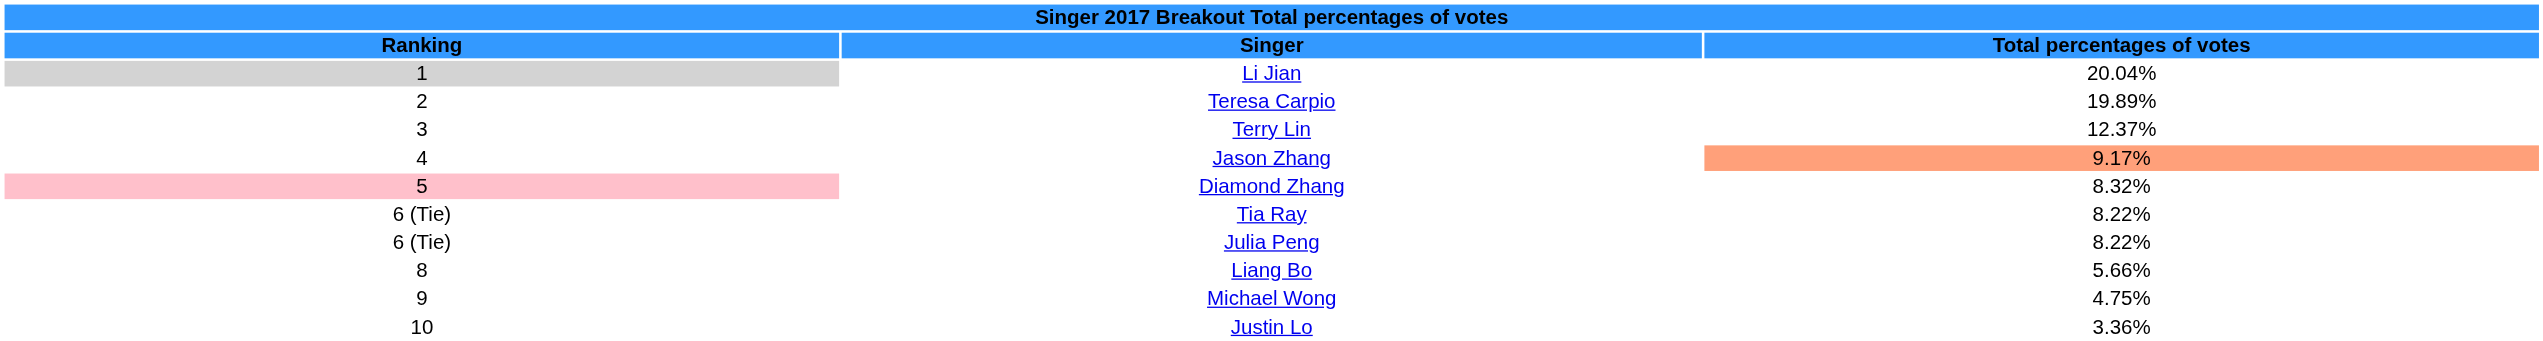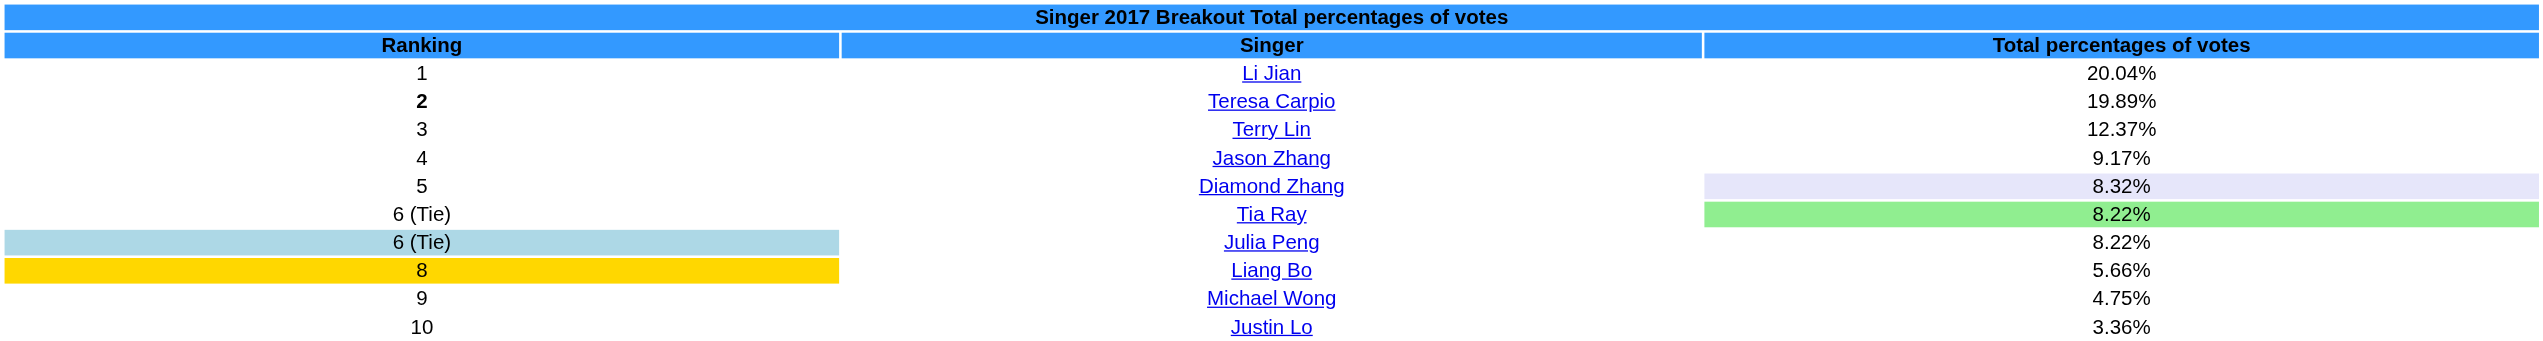 <table class="wikitalble" width="100%" style="text-align:center">
 <tr align=center style="background:#3399FF">
 <td colspan="5"><div><strong>Singer 2017 Breakout Total percentages of votes</strong></div></td>
 </tr>
 <tr align=center style="background:#3399FF">
 <td style="width:33%"><strong>Ranking</strong></td>
 <td style="width:34%"><strong>Singer</strong></td>
 <td style="width:33%"><strong>Total percentages of votes</strong></td>
 </tr>
 <tr>
-<td style="background: lightgrey;">1</td>
+<td>1</td>
 <td><a href='#'>Li Jian</a></td>
 <td>20.04%</td>
 </tr>
 <tr>
-<td>2</td>
+<td><strong>2</strong></td>
 <td><a href='#'>Teresa Carpio</a></td>
 <td>19.89%</td>
 </tr>
 <tr>
 <td>3</td>
 <td><a href='#'>Terry Lin</a></td>
 <td>12.37%</td>
 </tr>
 <tr>
 <td>4</td>
 <td><a href='#'>Jason Zhang</a></td>
-<td style="background: lightsalmon;">9.17%</td>
+<td>9.17%</td>
 </tr>
 <tr>
-<td style="background: pink;">5</td>
+<td>5</td>
 <td><a href='#'>Diamond Zhang</a></td>
-<td>8.32%</td>
+<td style="background: lavender;">8.32%</td>
 </tr>
 <tr>
 <td>6 (Tie)</td>
 <td><a href='#'>Tia Ray</a></td>
-<td>8.22%</td>
+<td style="background: lightgreen;">8.22%</td>
 </tr>
 <tr>
-<td>6 (Tie)</td>
+<td style="background: lightblue;">6 (Tie)</td>
 <td><a href='#'>Julia Peng</a></td>
 <td>8.22%</td>
 </tr>
 <tr>
-<td>8</td>
+<td style="background: gold;">8</td>
 <td><a href='#'>Liang Bo</a></td>
 <td>5.66%</td>
 </tr>
 <tr>
 <td>9</td>
 <td><a href='#'>Michael Wong</a></td>
 <td>4.75%</td>
 </tr>
 <tr>
 <td>10</td>
 <td><a href='#'>Justin Lo</a></td>
 <td>3.36%</td>
 </tr>
 </table>
